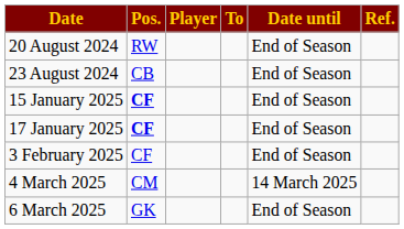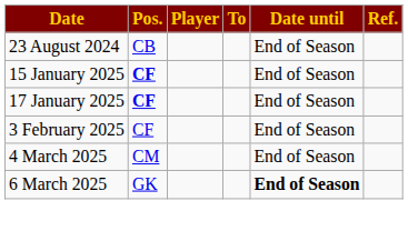 <table class="wikitable plainrowheaders sortable">
 <tr>
 <th style="color:#FFCC00; background:#800000; ">Date</th>
 <th style="color:#FFCC00; background:#800000; ">Pos.</th>
 <th style="color:#FFCC00; background:#800000; ">Player</th>
 <th style="color:#FFCC00; background:#800000; ">To</th>
 <th style="color:#FFCC00; background:#800000; ">Date until</th>
 <th style="color:#FFCC00; background:#800000; ">Ref.</th>
-</tr>
-<tr>
-<td>20 August 2024</td>
-<td><a href='#'>RW</a></td>
-<td></td>
-<td></td>
-<td>End of Season</td>
-<td></td>
 </tr>
 <tr>
 <td>23 August 2024</td>
 <td><a href='#'>CB</a></td>
 <td></td>
 <td></td>
 <td>End of Season</td>
 <td></td>
 </tr>
 <tr>
 <td>15 January 2025</td>
 <td><strong><a href='#'>CF</a></strong></td>
 <td></td>
 <td></td>
 <td>End of Season</td>
 <td></td>
 </tr>
 <tr>
 <td>17 January 2025</td>
 <td><strong><a href='#'>CF</a></strong></td>
 <td></td>
 <td></td>
 <td>End of Season</td>
 <td></td>
 </tr>
 <tr>
 <td>3 February 2025</td>
 <td><a href='#'>CF</a></td>
 <td></td>
 <td></td>
 <td>End of Season</td>
 <td></td>
 </tr>
 <tr>
 <td>4 March 2025</td>
 <td><a href='#'>CM</a></td>
 <td></td>
 <td></td>
-<td>14 March 2025</td>
+<td>End of Season</td>
 <td></td>
 </tr>
 <tr>
 <td>6 March 2025</td>
 <td><a href='#'>GK</a></td>
 <td></td>
 <td></td>
-<td>End of Season</td>
+<td><strong>End of Season</strong></td>
 <td></td>
 </tr>
 </table>
